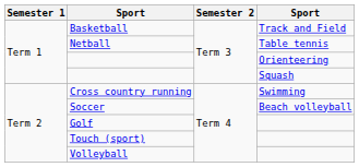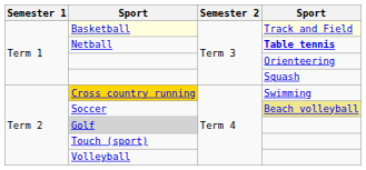 <table class="wikitable">
 <tr>
 <th>Semester 1</th>
 <th>Sport</th>
 <th>Semester 2</th>
 <th>Sport</th>
 </tr>
 <tr>
 <td rowspan="4">Term 1</td>
-<td><a href='#'>Basketball</a></td>
+<td style="background: lightyellow;"><a href='#'>Basketball</a></td>
 <td rowspan="4">Term 3</td>
-<td><a href='#'>Track and Field</a></td>
+<td style="background: lightyellow;"><a href='#'>Track and Field</a></td>
 </tr>
 <tr>
 <td><a href='#'>Netball</a></td>
-<td><a href='#'>Table tennis</a></td>
+<td><strong><a href='#'>Table tennis</a></strong></td>
 </tr>
 <tr>
 <td></td>
 <td><a href='#'>Orienteering</a></td>
 </tr>
 <tr>
 <td></td>
 <td><a href='#'>Squash</a></td>
 </tr>
 <tr>
 <td rowspan="5">Term 2</td>
-<td><a href='#'>Cross country running</a></td>
+<td style="background: gold;"><a href='#'>Cross country running</a></td>
 <td rowspan="5">Term 4</td>
 <td><a href='#'>Swimming</a></td>
 </tr>
 <tr>
 <td><a href='#'>Soccer</a></td>
-<td><a href='#'>Beach volleyball</a></td>
+<td style="background: khaki;"><a href='#'>Beach volleyball</a></td>
 </tr>
 <tr>
-<td><a href='#'>Golf</a></td>
+<td style="background: lightgrey;"><a href='#'>Golf</a></td>
 </tr>
 <tr>
 <td><a href='#'>Touch (sport)</a></td>
 <td></td>
 </tr>
 <tr>
 <td><a href='#'>Volleyball</a></td>
 </tr>
 </table>
